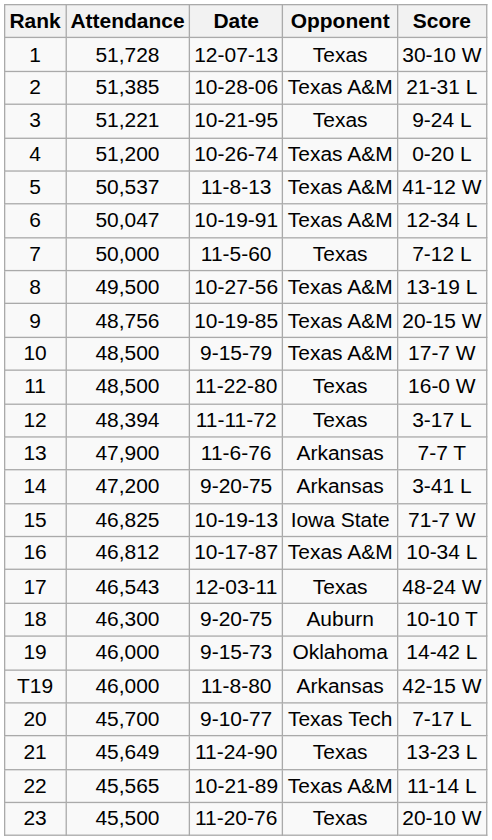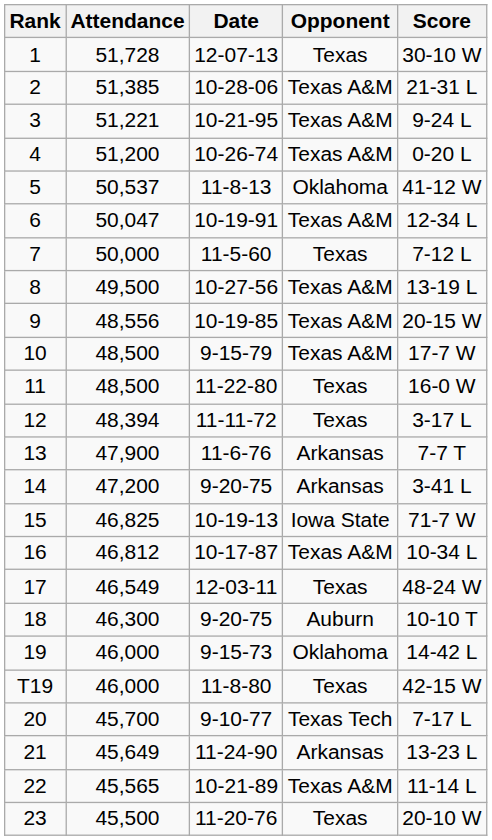 <table class="wikitable" style="text-align:center">
 <tr>
 <th>Rank</th>
 <th>Attendance</th>
 <th>Date</th>
 <th>Opponent</th>
 <th>Score</th>
 </tr>
 <tr>
 <td>1</td>
 <td>51,728</td>
 <td>12-07-13</td>
 <td>Texas</td>
 <td>30-10 W</td>
 </tr>
 <tr>
 <td>2</td>
 <td>51,385</td>
 <td>10-28-06</td>
 <td>Texas A&M</td>
 <td>21-31 L</td>
 </tr>
 <tr>
 <td>3</td>
 <td>51,221</td>
 <td>10-21-95</td>
-<td>Texas</td>
+<td>Texas A&M</td>
 <td>9-24 L</td>
 </tr>
 <tr>
 <td>4</td>
 <td>51,200</td>
 <td>10-26-74</td>
 <td>Texas A&M</td>
 <td>0-20 L</td>
 </tr>
 <tr>
 <td>5</td>
 <td>50,537</td>
 <td>11-8-13</td>
-<td>Texas A&M</td>
+<td>Oklahoma</td>
 <td>41-12 W</td>
 </tr>
 <tr>
 <td>6</td>
 <td>50,047</td>
 <td>10-19-91</td>
 <td>Texas A&M</td>
 <td>12-34 L</td>
 </tr>
 <tr>
 <td>7</td>
 <td>50,000</td>
 <td>11-5-60</td>
 <td>Texas</td>
 <td>7-12 L</td>
 </tr>
 <tr>
 <td>8</td>
 <td>49,500</td>
 <td>10-27-56</td>
 <td>Texas A&M</td>
 <td>13-19 L</td>
 </tr>
 <tr>
 <td>9</td>
-<td>48,756</td>
+<td>48,556</td>
 <td>10-19-85</td>
 <td>Texas A&M</td>
 <td>20-15 W</td>
 </tr>
 <tr>
 <td>10</td>
 <td>48,500</td>
 <td>9-15-79</td>
 <td>Texas A&M</td>
 <td>17-7 W</td>
 </tr>
 <tr>
 <td>11</td>
 <td>48,500</td>
 <td>11-22-80</td>
 <td>Texas</td>
 <td>16-0 W</td>
 </tr>
 <tr>
 <td>12</td>
 <td>48,394</td>
 <td>11-11-72</td>
 <td>Texas</td>
 <td>3-17 L</td>
 </tr>
 <tr>
 <td>13</td>
 <td>47,900</td>
 <td>11-6-76</td>
 <td>Arkansas</td>
 <td>7-7 T</td>
 </tr>
 <tr>
 <td>14</td>
 <td>47,200</td>
 <td>9-20-75</td>
 <td>Arkansas</td>
 <td>3-41 L</td>
 </tr>
 <tr>
 <td>15</td>
 <td>46,825</td>
 <td>10-19-13</td>
 <td>Iowa State</td>
 <td>71-7 W</td>
 </tr>
 <tr>
 <td>16</td>
 <td>46,812</td>
 <td>10-17-87</td>
 <td>Texas A&M</td>
 <td>10-34 L</td>
 </tr>
 <tr>
 <td>17</td>
-<td>46,543</td>
+<td>46,549</td>
 <td>12-03-11</td>
 <td>Texas</td>
 <td>48-24 W</td>
 </tr>
 <tr>
 <td>18</td>
 <td>46,300</td>
 <td>9-20-75</td>
 <td>Auburn</td>
 <td>10-10 T</td>
 </tr>
 <tr>
 <td>19</td>
 <td>46,000</td>
 <td>9-15-73</td>
 <td>Oklahoma</td>
 <td>14-42 L</td>
 </tr>
 <tr>
 <td>T19</td>
 <td>46,000</td>
 <td>11-8-80</td>
-<td>Arkansas</td>
+<td>Texas</td>
 <td>42-15 W</td>
 </tr>
 <tr>
 <td>20</td>
 <td>45,700</td>
 <td>9-10-77</td>
 <td>Texas Tech</td>
 <td>7-17 L</td>
 </tr>
 <tr>
 <td>21</td>
 <td>45,649</td>
 <td>11-24-90</td>
-<td>Texas</td>
+<td>Arkansas</td>
 <td>13-23 L</td>
 </tr>
 <tr>
 <td>22</td>
 <td>45,565</td>
 <td>10-21-89</td>
 <td>Texas A&M</td>
 <td>11-14 L</td>
 </tr>
 <tr>
 <td>23</td>
 <td>45,500</td>
 <td>11-20-76</td>
 <td>Texas</td>
 <td>20-10 W</td>
 </tr>
 </table>
